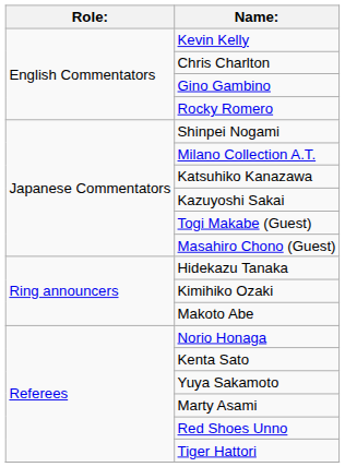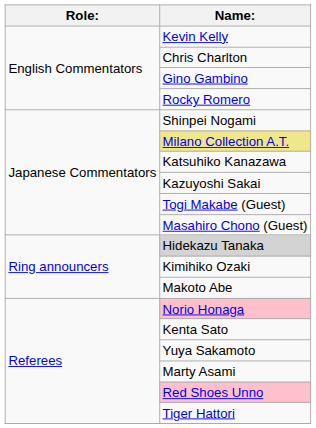 <table class=wikitable style="font-size:90%; margin: 0.5em 0 0.5em 1em; float: right; clear: right;">
 <tr>
 <th>Role:</th>
 <th>Name:</th>
 </tr>
 <tr>
 <td rowspan=4>English Commentators</td>
 <td><a href='#'>Kevin Kelly</a></td>
 </tr>
 <tr>
 <td>Chris Charlton</td>
 </tr>
 <tr>
 <td><a href='#'>Gino Gambino</a></td>
 </tr>
 <tr>
 <td><a href='#'>Rocky Romero</a></td>
 </tr>
 <tr>
 <td rowspan=6>Japanese Commentators</td>
 <td>Shinpei Nogami</td>
 </tr>
 <tr>
-<td><a href='#'>Milano Collection A.T.</a></td>
+<td style="background: khaki;"><a href='#'>Milano Collection A.T.</a></td>
 </tr>
 <tr>
 <td>Katsuhiko Kanazawa</td>
 </tr>
 <tr>
 <td>Kazuyoshi Sakai</td>
 </tr>
 <tr>
 <td><a href='#'>Togi Makabe</a> (Guest)</td>
 </tr>
 <tr>
 <td><a href='#'>Masahiro Chono</a> (Guest)</td>
 </tr>
 <tr>
 <td rowspan=3><a href='#'>Ring announcers</a></td>
-<td>Hidekazu Tanaka</td>
+<td style="background: lightgrey;">Hidekazu Tanaka</td>
 </tr>
 <tr>
 <td>Kimihiko Ozaki</td>
 </tr>
 <tr>
 <td>Makoto Abe</td>
 </tr>
 <tr>
 <td rowspan=6><a href='#'>Referees</a></td>
-<td><a href='#'>Norio Honaga</a></td>
+<td style="background: pink;"><a href='#'>Norio Honaga</a></td>
 </tr>
 <tr>
 <td>Kenta Sato</td>
 </tr>
 <tr>
 <td>Yuya Sakamoto</td>
 </tr>
 <tr>
 <td>Marty Asami</td>
 </tr>
 <tr>
-<td><a href='#'>Red Shoes Unno</a></td>
+<td style="background: pink;"><a href='#'>Red Shoes Unno</a></td>
 </tr>
 <tr>
 <td><a href='#'>Tiger Hattori</a></td>
 </tr>
 <tr>
 </tr>
 </table>
